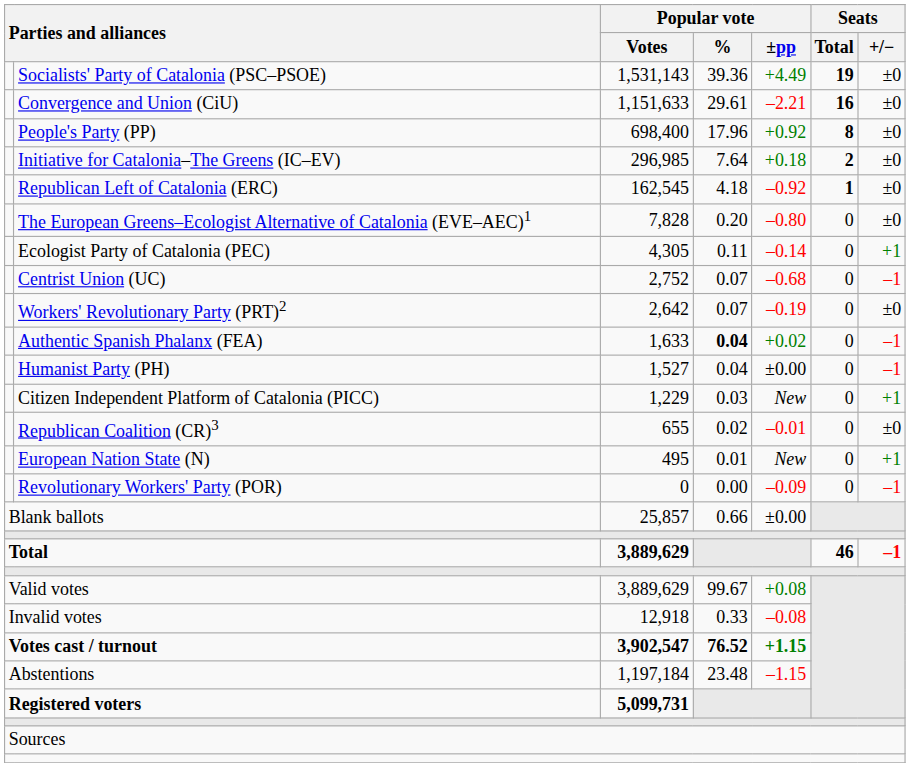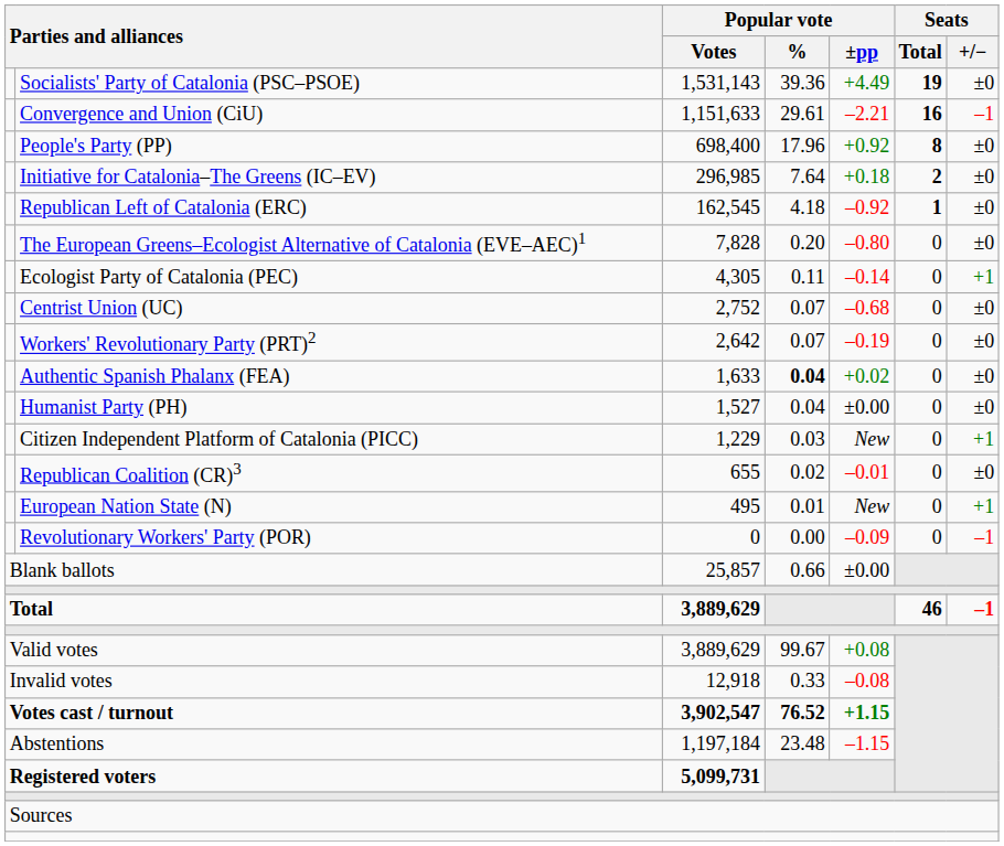 <table class="wikitable" style="text-align:right;">
 <tr>
 <th style="text-align:left;" rowspan="2" colspan="2" width="525">Parties and alliances</th>
 <th colspan="3">Popular vote</th>
 <th colspan="2">Seats</th>
 </tr>
 <tr>
 <th width="75">Votes</th>
 <th width="45">%</th>
 <th width="45">±<a href='#'>pp</a></th>
 <th width="35">Total</th>
 <th width="35">+/−</th>
 </tr>
 <tr>
 <td width="1" style="color:inherit;background:"></td>
 <td align="left"><a href='#'>Socialists' Party of Catalonia</a> (PSC–PSOE)</td>
 <td>1,531,143</td>
 <td>39.36</td>
 <td style="color:green;">+4.49</td>
 <td><strong>19</strong></td>
 <td>±0</td>
 </tr>
 <tr>
 <td style="color:inherit;background:"></td>
 <td align="left"><a href='#'>Convergence and Union</a> (CiU)</td>
 <td>1,151,633</td>
 <td>29.61</td>
 <td style="color:red;">–2.21</td>
 <td><strong>16</strong></td>
-<td>±0</td>
+<td style="color:red;">–1</td>
 </tr>
 <tr>
 <td style="color:inherit;background:"></td>
 <td align="left"><a href='#'>People's Party</a> (PP)</td>
 <td>698,400</td>
 <td>17.96</td>
 <td style="color:green;">+0.92</td>
 <td><strong>8</strong></td>
 <td>±0</td>
 </tr>
 <tr>
 <td style="color:inherit;background:"></td>
 <td align="left"><a href='#'>Initiative for Catalonia</a>–<a href='#'>The Greens</a> (IC–EV)</td>
 <td>296,985</td>
 <td>7.64</td>
 <td style="color:green;">+0.18</td>
 <td><strong>2</strong></td>
 <td>±0</td>
 </tr>
 <tr>
 <td style="color:inherit;background:"></td>
 <td align="left"><a href='#'>Republican Left of Catalonia</a> (ERC)</td>
 <td>162,545</td>
 <td>4.18</td>
 <td style="color:red;">–0.92</td>
 <td><strong>1</strong></td>
 <td>±0</td>
 </tr>
 <tr>
 <td style="color:inherit;background:"></td>
 <td align="left"><a href='#'>The European Greens–Ecologist Alternative of Catalonia</a> (EVE–AEC)<sup>1</sup></td>
 <td>7,828</td>
 <td>0.20</td>
 <td style="color:red;">–0.80</td>
 <td>0</td>
 <td>±0</td>
 </tr>
 <tr>
 <td style="color:inherit;background:"></td>
 <td align="left">Ecologist Party of Catalonia (PEC)</td>
 <td>4,305</td>
 <td>0.11</td>
 <td style="color:red;">–0.14</td>
 <td>0</td>
 <td style="color:green;">+1</td>
 </tr>
 <tr>
 <td style="color:inherit;background:"></td>
 <td align="left"><a href='#'>Centrist Union</a> (UC)</td>
 <td>2,752</td>
 <td>0.07</td>
 <td style="color:red;">–0.68</td>
 <td>0</td>
-<td style="color:red;">–1</td>
+<td>±0</td>
 </tr>
 <tr>
 <td style="color:inherit;background:"></td>
 <td align="left"><a href='#'>Workers' Revolutionary Party</a> (PRT)<sup>2</sup></td>
 <td>2,642</td>
 <td>0.07</td>
 <td style="color:red;">–0.19</td>
 <td>0</td>
 <td>±0</td>
 </tr>
 <tr>
 <td style="color:inherit;background:"></td>
 <td align="left"><a href='#'>Authentic Spanish Phalanx</a> (FEA)</td>
 <td>1,633</td>
 <td><strong>0.04</strong></td>
 <td style="color:green;">+0.02</td>
 <td>0</td>
-<td style="color:red;">–1</td>
+<td>±0</td>
 </tr>
 <tr>
 <td style="color:inherit;background:"></td>
 <td align="left"><a href='#'>Humanist Party</a> (PH)</td>
 <td>1,527</td>
 <td>0.04</td>
 <td>±0.00</td>
 <td>0</td>
-<td style="color:red;">–1</td>
+<td>±0</td>
 </tr>
 <tr>
 <td style="color:inherit;background:"></td>
 <td align="left">Citizen Independent Platform of Catalonia (PICC)</td>
 <td>1,229</td>
 <td>0.03</td>
 <td><em>New</em></td>
 <td>0</td>
 <td style="color:green;">+1</td>
 </tr>
 <tr>
 <td style="color:inherit;background:"></td>
 <td align="left"><a href='#'>Republican Coalition</a> (CR)<sup>3</sup></td>
 <td>655</td>
 <td>0.02</td>
 <td style="color:red;">–0.01</td>
 <td>0</td>
 <td>±0</td>
 </tr>
 <tr>
 <td style="color:inherit;background:"></td>
 <td align="left"><a href='#'>European Nation State</a> (N)</td>
 <td>495</td>
 <td>0.01</td>
 <td><em>New</em></td>
 <td>0</td>
 <td style="color:green;">+1</td>
 </tr>
 <tr>
 <td style="color:inherit;background:"></td>
 <td align="left"><a href='#'>Revolutionary Workers' Party</a> (POR)</td>
 <td>0</td>
 <td>0.00</td>
 <td style="color:red;">–0.09</td>
 <td>0</td>
 <td style="color:red;">–1</td>
 </tr>
 <tr>
 <td align="left" colspan="2">Blank ballots</td>
 <td>25,857</td>
 <td>0.66</td>
 <td>±0.00</td>
 <td bgcolor="#E9E9E9" colspan="2"></td>
 </tr>
 <tr>
 <td colspan="7" bgcolor="#E9E9E9"></td>
 </tr>
 <tr style="font-weight:bold;">
 <td align="left" colspan="2">Total</td>
 <td>3,889,629</td>
 <td bgcolor="#E9E9E9" colspan="2"></td>
 <td>46</td>
 <td style="color:red;">–1</td>
 </tr>
 <tr>
 <td colspan="7" bgcolor="#E9E9E9"></td>
 </tr>
 <tr>
 <td align="left" colspan="2">Valid votes</td>
 <td>3,889,629</td>
 <td>99.67</td>
 <td style="color:green;">+0.08</td>
 <td bgcolor="#E9E9E9" colspan="2" rowspan="5"></td>
 </tr>
 <tr>
 <td align="left" colspan="2">Invalid votes</td>
 <td>12,918</td>
 <td>0.33</td>
 <td style="color:red;">–0.08</td>
 </tr>
 <tr style="font-weight:bold;">
 <td align="left" colspan="2">Votes cast / turnout</td>
 <td>3,902,547</td>
 <td>76.52</td>
 <td style="color:green;">+1.15</td>
 </tr>
 <tr>
 <td align="left" colspan="2">Abstentions</td>
 <td>1,197,184</td>
 <td>23.48</td>
 <td style="color:red;">–1.15</td>
 </tr>
 <tr style="font-weight:bold;">
 <td align="left" colspan="2">Registered voters</td>
 <td>5,099,731</td>
 <td bgcolor="#E9E9E9" colspan="2"></td>
 </tr>
 <tr>
 <td colspan="7" bgcolor="#E9E9E9"></td>
 </tr>
 <tr>
 <td align="left" colspan="7">Sources</td>
 </tr>
 <tr>
 <td colspan="7" style="text-align:left; max-width:790px;"></td>
 </tr>
 </table>
